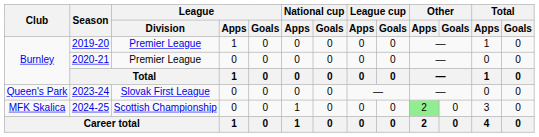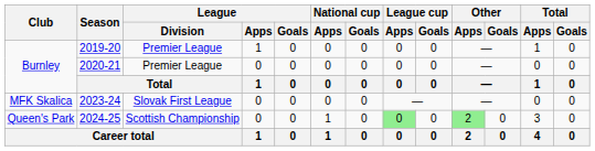 <table class="wikitable" style="text-align: center">
 <tr>
 <th rowspan="2">Club</th>
 <th rowspan="2">Season</th>
 <th colspan="3">League</th>
 <th colspan="2">National cup</th>
 <th colspan="2">League cup</th>
 <th colspan="2">Other</th>
 <th colspan="2">Total</th>
 </tr>
 <tr>
 <th>Division</th>
 <th>Apps</th>
 <th>Goals</th>
 <th>Apps</th>
 <th>Goals</th>
 <th>Apps</th>
 <th>Goals</th>
 <th>Apps</th>
 <th>Goals</th>
 <th>Apps</th>
 <th>Goals</th>
 </tr>
 <tr>
 <td rowspan="3"><a href='#'>Burnley</a></td>
 <td><a href='#'>2019-20</a></td>
 <td><a href='#'>Premier League</a></td>
 <td>1</td>
 <td>0</td>
 <td>0</td>
 <td>0</td>
 <td>0</td>
 <td>0</td>
 <td colspan="2">—</td>
 <td>1</td>
 <td>0</td>
 </tr>
 <tr>
 <td><a href='#'>2020-21</a></td>
 <td>Premier League</td>
 <td>0</td>
 <td>0</td>
 <td>0</td>
 <td>0</td>
 <td>0</td>
 <td>0</td>
 <td colspan="2">—</td>
 <td>0</td>
 <td>0</td>
 </tr>
 <tr>
 <th colspan="2">Total</th>
 <th>1</th>
 <th>0</th>
 <th>0</th>
 <th>0</th>
 <th>0</th>
 <th>0</th>
 <th colspan="2">—</th>
 <th>1</th>
 <th>0</th>
 </tr>
 <tr>
-<td><a href='#'>Queen's Park</a></td>
+<td><a href='#'>MFK Skalica</a></td>
 <td><a href='#'>2023-24</a></td>
 <td><a href='#'>Slovak First League</a></td>
 <td>0</td>
 <td>0</td>
 <td>0</td>
 <td>0</td>
 <td colspan="2">—</td>
 <td colspan="2">—</td>
 <td>0</td>
 <td>0</td>
 </tr>
 <tr>
-<td><a href='#'>MFK Skalica</a></td>
+<td><a href='#'>Queen's Park</a></td>
 <td><a href='#'>2024-25</a></td>
 <td><a href='#'>Scottish Championship</a></td>
 <td>0</td>
 <td>0</td>
 <td>1</td>
 <td>0</td>
-<td>0</td>
+<td style="background: lightgreen;">0</td>
 <td>0</td>
 <td style="background: lightgreen;">2</td>
 <td>0</td>
 <td>3</td>
 <td>0</td>
 </tr>
 <tr>
 <th colspan="3">Career total</th>
 <th>1</th>
 <th>0</th>
 <th>1</th>
 <th>0</th>
 <th>0</th>
 <th>0</th>
 <th>2</th>
 <th>0</th>
 <th>4</th>
 <th>0</th>
 </tr>
 </table>
